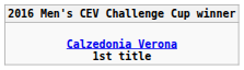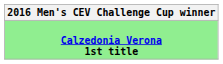 <table class=wikitable style="text-align:center; margin:auto">
 <tr>
 <th>2016 Men's CEV Challenge Cup winner</th>
 </tr>
 <tr>
-<td><br><strong><a href='#'>Calzedonia Verona</a></strong><br> <strong>1st title</strong></td>
+<td style="background: lightgreen;"><br><strong><a href='#'>Calzedonia Verona</a></strong><br> <strong>1st title</strong></td>
 </tr>
 </table>
